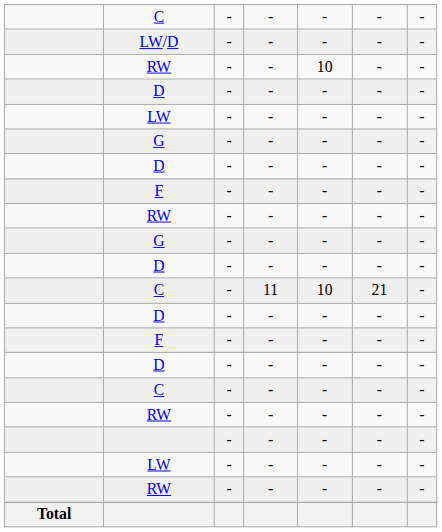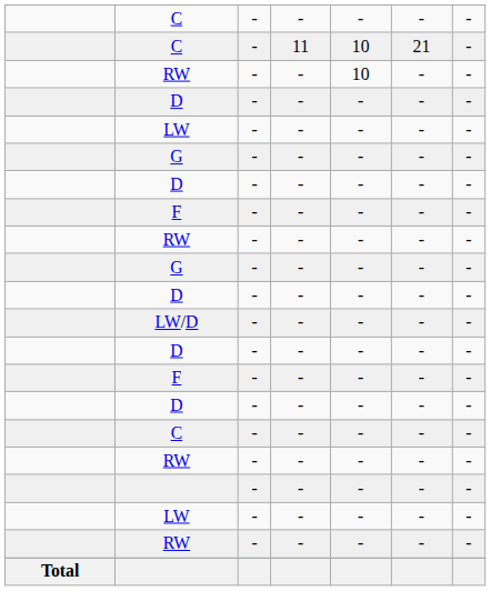 <table class="wikitable sortable" width ="50%">
 <tr align="center">
 </tr>
 <tr align="center" bgcolor="">
 <td></td>
 <td><a href='#'>C</a></td>
 <td>-</td>
 <td>-</td>
 <td>-</td>
 <td>-</td>
 <td>-</td>
 </tr>
 <tr align="center" bgcolor="f0f0f0">
 <td></td>
-<td><a href='#'>LW</a>/<a href='#'>D</a></td>
+<td><a href='#'>C</a></td>
 <td>-</td>
-<td>-</td>
-<td>-</td>
-<td>-</td>
+<td>11</td>
+<td>10</td>
+<td>21</td>
 <td>-</td>
 </tr>
 <tr align="center" bgcolor="">
 <td></td>
 <td><a href='#'>RW</a></td>
 <td>-</td>
 <td>-</td>
 <td>10</td>
 <td>-</td>
 <td>-</td>
 </tr>
 <tr align="center" bgcolor="f0f0f0">
 <td></td>
 <td><a href='#'>D</a></td>
 <td>-</td>
 <td>-</td>
 <td>-</td>
 <td>-</td>
 <td>-</td>
 </tr>
 <tr align="center" bgcolor="">
 <td></td>
 <td><a href='#'>LW</a></td>
 <td>-</td>
 <td>-</td>
 <td>-</td>
 <td>-</td>
 <td>-</td>
 </tr>
 <tr align="center" bgcolor="f0f0f0">
 <td></td>
 <td><a href='#'>G</a></td>
 <td>-</td>
 <td>-</td>
 <td>-</td>
 <td>-</td>
 <td>-</td>
 </tr>
 <tr align="center" bgcolor="">
 <td></td>
 <td><a href='#'>D</a></td>
 <td>-</td>
 <td>-</td>
 <td>-</td>
 <td>-</td>
 <td>-</td>
 </tr>
 <tr align="center" bgcolor="f0f0f0">
 <td></td>
 <td><a href='#'>F</a></td>
 <td>-</td>
 <td>-</td>
 <td>-</td>
 <td>-</td>
 <td>-</td>
 </tr>
 <tr align="center" bgcolor="">
 <td></td>
 <td><a href='#'>RW</a></td>
 <td>-</td>
 <td>-</td>
 <td>-</td>
 <td>-</td>
 <td>-</td>
 </tr>
 <tr align="center" bgcolor="f0f0f0">
 <td></td>
 <td><a href='#'>G</a></td>
 <td>-</td>
 <td>-</td>
 <td>-</td>
 <td>-</td>
 <td>-</td>
 </tr>
 <tr align="center" bgcolor="">
 <td></td>
 <td><a href='#'>D</a></td>
 <td>-</td>
 <td>-</td>
 <td>-</td>
 <td>-</td>
 <td>-</td>
 </tr>
 <tr align="center" bgcolor="f0f0f0">
 <td></td>
-<td><a href='#'>C</a></td>
+<td><a href='#'>LW</a>/<a href='#'>D</a></td>
 <td>-</td>
-<td>11</td>
-<td>10</td>
-<td>21</td>
+<td>-</td>
+<td>-</td>
+<td>-</td>
 <td>-</td>
 </tr>
 <tr align="center" bgcolor="">
 <td></td>
 <td><a href='#'>D</a></td>
 <td>-</td>
 <td>-</td>
 <td>-</td>
 <td>-</td>
 <td>-</td>
 </tr>
 <tr align="center" bgcolor="f0f0f0">
 <td></td>
 <td><a href='#'>F</a></td>
 <td>-</td>
 <td>-</td>
 <td>-</td>
 <td>-</td>
 <td>-</td>
 </tr>
 <tr align="center" bgcolor="">
 <td></td>
 <td><a href='#'>D</a></td>
 <td>-</td>
 <td>-</td>
 <td>-</td>
 <td>-</td>
 <td>-</td>
 </tr>
 <tr align="center" bgcolor="f0f0f0">
 <td></td>
 <td><a href='#'>C</a></td>
 <td>-</td>
 <td>-</td>
 <td>-</td>
 <td>-</td>
 <td>-</td>
 </tr>
 <tr align="center" bgcolor="">
 <td></td>
 <td><a href='#'>RW</a></td>
 <td>-</td>
 <td>-</td>
 <td>-</td>
 <td>-</td>
 <td>-</td>
 </tr>
 <tr align="center" bgcolor="f0f0f0">
 <td></td>
 <td></td>
 <td>-</td>
 <td>-</td>
 <td>-</td>
 <td>-</td>
 <td>-</td>
 </tr>
 <tr align="center" bgcolor="">
 <td></td>
 <td><a href='#'>LW</a></td>
 <td>-</td>
 <td>-</td>
 <td>-</td>
 <td>-</td>
 <td>-</td>
 </tr>
 <tr align="center" bgcolor="f0f0f0">
 <td></td>
 <td><a href='#'>RW</a></td>
 <td>-</td>
 <td>-</td>
 <td>-</td>
 <td>-</td>
 <td>-</td>
 </tr>
 <tr align="center" bgcolor="">
 </tr>
 <tr>
 <th>Total</th>
 <th></th>
 <th></th>
 <th></th>
 <th></th>
 <th></th>
 <th></th>
 </tr>
 </table>
